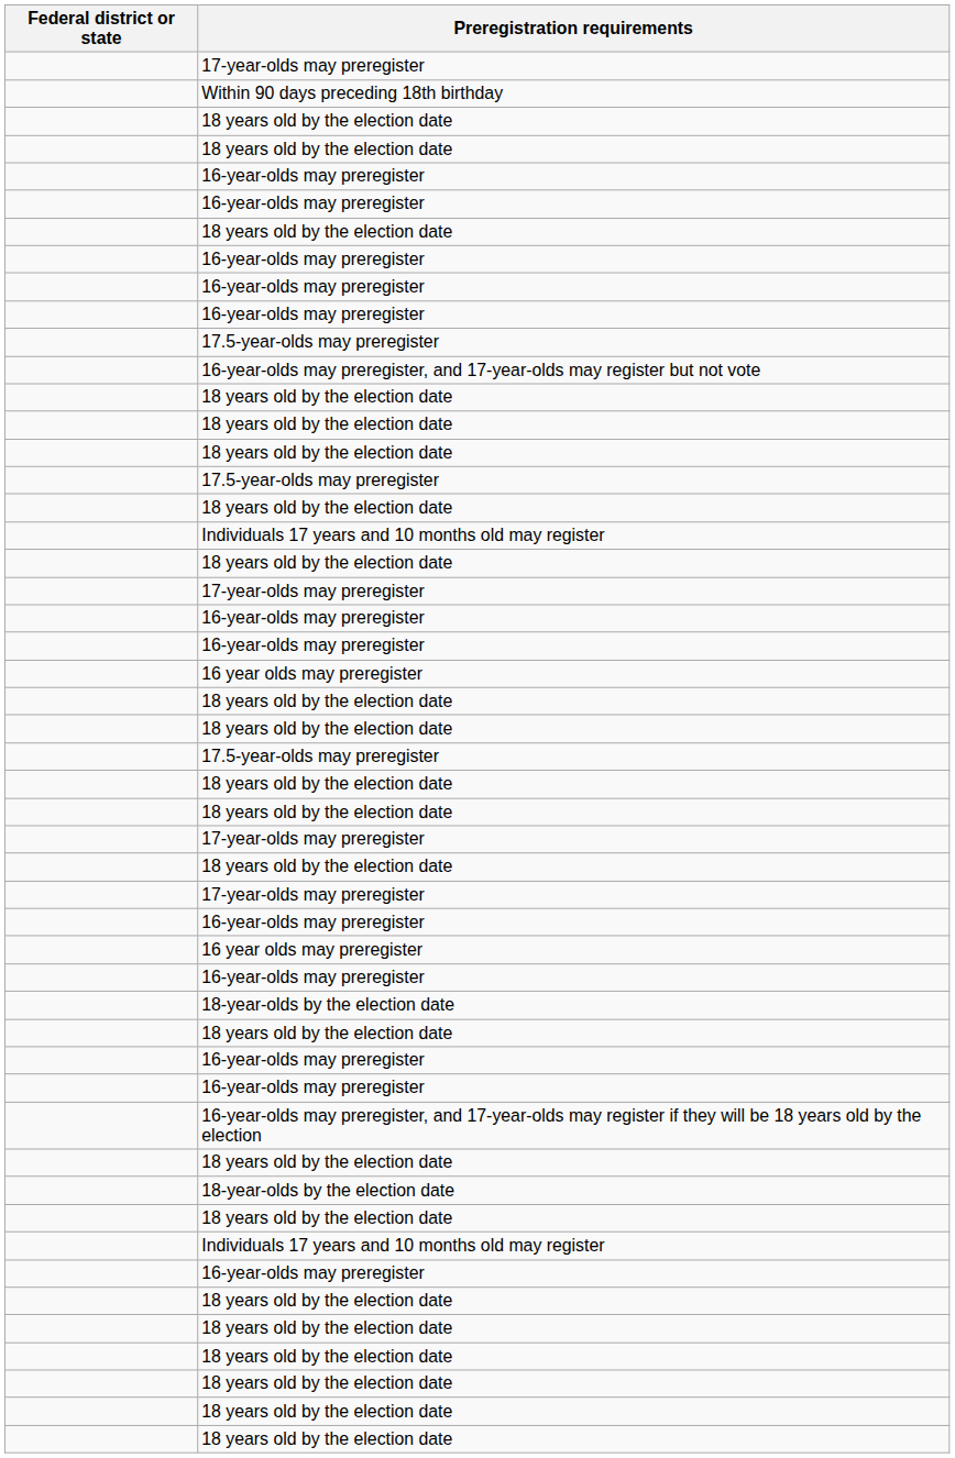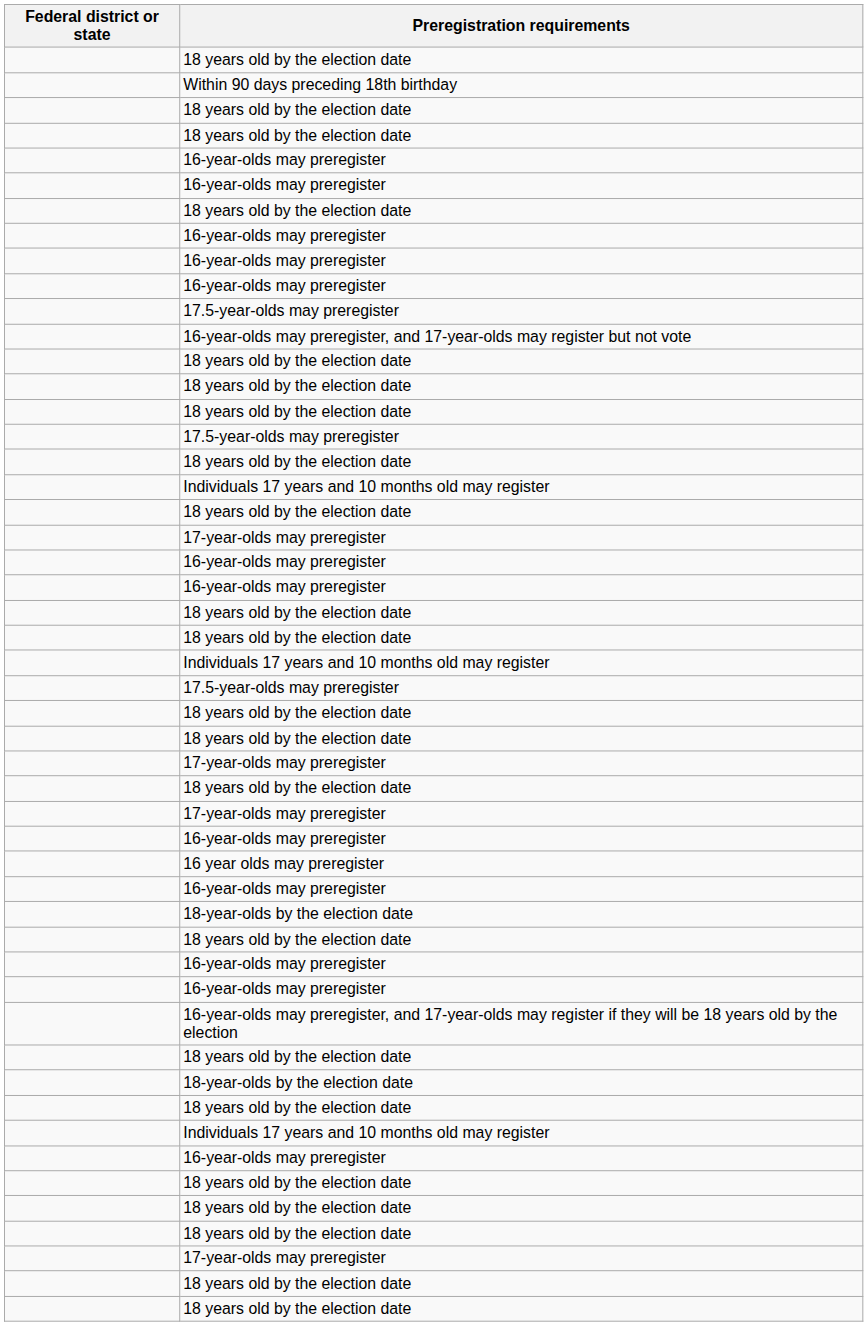 <table class="wikitable sortable">
 <tr>
 <th>Federal district or state</th>
 <th>Preregistration requirements</th>
 </tr>
 <tr>
 <td></td>
-<td>17-year-olds may preregister</td>
+<td>18 years old by the election date</td>
 </tr>
 <tr>
 <td></td>
 <td>Within 90 days preceding 18th birthday</td>
 </tr>
 <tr>
 <td></td>
 <td>18 years old by the election date</td>
 </tr>
 <tr>
 <td></td>
 <td>18 years old by the election date</td>
 </tr>
 <tr>
 <td></td>
 <td>16-year-olds may preregister</td>
 </tr>
 <tr>
 <td></td>
 <td>16-year-olds may preregister</td>
 </tr>
 <tr>
 <td></td>
 <td>18 years old by the election date</td>
 </tr>
 <tr>
 <td></td>
 <td>16-year-olds may preregister</td>
 </tr>
 <tr>
 <td></td>
 <td>16-year-olds may preregister</td>
 </tr>
 <tr>
 <td></td>
 <td>16-year-olds may preregister</td>
 </tr>
 <tr>
 <td></td>
 <td>17.5-year-olds may preregister</td>
 </tr>
 <tr>
 <td></td>
 <td>16-year-olds may preregister, and 17-year-olds may register but not vote</td>
 </tr>
 <tr>
 <td></td>
 <td>18 years old by the election date</td>
 </tr>
 <tr>
 <td></td>
 <td>18 years old by the election date</td>
 </tr>
 <tr>
 <td></td>
 <td>18 years old by the election date</td>
 </tr>
 <tr>
 <td></td>
 <td>17.5-year-olds may preregister</td>
 </tr>
 <tr>
 <td></td>
 <td>18 years old by the election date</td>
 </tr>
 <tr>
 <td></td>
 <td>Individuals 17 years and 10 months old may register</td>
 </tr>
 <tr>
 <td></td>
 <td>18 years old by the election date</td>
 </tr>
 <tr>
 <td></td>
 <td>17-year-olds may preregister</td>
 </tr>
 <tr>
 <td></td>
 <td>16-year-olds may preregister</td>
 </tr>
 <tr>
 <td></td>
 <td>16-year-olds may preregister</td>
 </tr>
 <tr>
 <td></td>
-<td>16 year olds may preregister</td>
+<td>18 years old by the election date</td>
 </tr>
 <tr>
 <td></td>
 <td>18 years old by the election date</td>
 </tr>
 <tr>
 <td></td>
-<td>18 years old by the election date</td>
+<td>Individuals 17 years and 10 months old may register</td>
 </tr>
 <tr>
 <td></td>
 <td>17.5-year-olds may preregister</td>
 </tr>
 <tr>
 <td></td>
 <td>18 years old by the election date</td>
 </tr>
 <tr>
 <td></td>
 <td>18 years old by the election date</td>
 </tr>
 <tr>
 <td></td>
 <td>17-year-olds may preregister</td>
 </tr>
 <tr>
 <td></td>
 <td>18 years old by the election date</td>
 </tr>
 <tr>
 <td></td>
 <td>17-year-olds may preregister</td>
 </tr>
 <tr>
 <td></td>
 <td>16-year-olds may preregister</td>
 </tr>
 <tr>
 <td></td>
 <td>16 year olds may preregister</td>
 </tr>
 <tr>
 <td></td>
 <td>16-year-olds may preregister</td>
 </tr>
 <tr>
 <td></td>
 <td>18-year-olds by the election date</td>
 </tr>
 <tr>
 <td></td>
 <td>18 years old by the election date</td>
 </tr>
 <tr>
 <td></td>
 <td>16-year-olds may preregister</td>
 </tr>
 <tr>
 <td></td>
 <td>16-year-olds may preregister</td>
 </tr>
 <tr>
 <td></td>
 <td>16-year-olds may preregister, and 17-year-olds may register if they will be 18 years old by the election</td>
 </tr>
 <tr>
 <td></td>
 <td>18 years old by the election date</td>
 </tr>
 <tr>
 <td></td>
 <td>18-year-olds by the election date</td>
 </tr>
 <tr>
 <td></td>
 <td>18 years old by the election date</td>
 </tr>
 <tr>
 <td></td>
 <td>Individuals 17 years and 10 months old may register</td>
 </tr>
 <tr>
 <td></td>
 <td>16-year-olds may preregister</td>
 </tr>
 <tr>
 <td></td>
 <td>18 years old by the election date</td>
 </tr>
 <tr>
 <td></td>
 <td>18 years old by the election date</td>
 </tr>
 <tr>
 <td></td>
 <td>18 years old by the election date</td>
 </tr>
 <tr>
 <td></td>
-<td>18 years old by the election date</td>
+<td>17-year-olds may preregister</td>
 </tr>
 <tr>
 <td></td>
 <td>18 years old by the election date</td>
 </tr>
 <tr>
 <td></td>
 <td>18 years old by the election date</td>
 </tr>
 </table>
